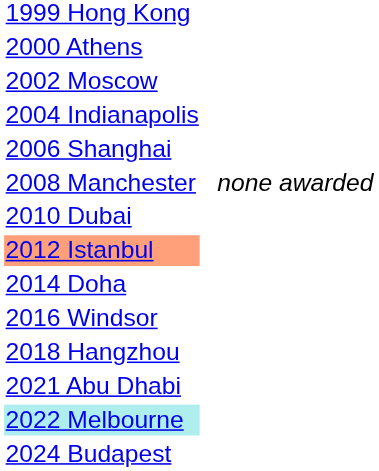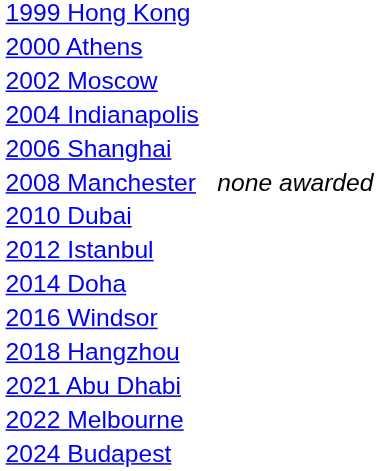 <table>
 <tr>
 <td><a href='#'>1999 Hong Kong</a></td>
 <td></td>
 <td></td>
 <td></td>
 </tr>
 <tr>
 <td><a href='#'>2000 Athens</a></td>
 <td></td>
 <td></td>
 <td></td>
 </tr>
 <tr>
 <td><a href='#'>2002 Moscow</a></td>
 <td></td>
 <td></td>
 <td></td>
 </tr>
 <tr>
 <td><a href='#'>2004 Indianapolis</a></td>
 <td></td>
 <td></td>
 <td></td>
 </tr>
 <tr>
 <td><a href='#'>2006 Shanghai</a></td>
 <td></td>
 <td></td>
 <td></td>
 </tr>
 <tr>
 <td rowspan=2><a href='#'>2008 Manchester</a></td>
 <td rowspan=2></td>
 <td></td>
 <td rowspan=2><em>none awarded</em></td>
 </tr>
 <tr>
 <td></td>
 </tr>
 <tr>
 <td><a href='#'>2010 Dubai</a></td>
 <td></td>
 <td></td>
 <td></td>
 </tr>
 <tr>
-<td style="background: lightsalmon;"><a href='#'>2012 Istanbul</a></td>
+<td><a href='#'>2012 Istanbul</a></td>
 <td></td>
 <td></td>
 <td></td>
 </tr>
 <tr>
 <td><a href='#'>2014 Doha</a></td>
 <td></td>
 <td></td>
 <td></td>
 </tr>
 <tr>
 <td><a href='#'>2016 Windsor</a></td>
 <td></td>
 <td></td>
 <td></td>
 </tr>
 <tr>
 <td><a href='#'>2018 Hangzhou</a></td>
 <td></td>
 <td></td>
 <td></td>
 </tr>
 <tr>
 <td><a href='#'>2021 Abu Dhabi</a></td>
 <td></td>
 <td></td>
 <td></td>
 </tr>
 <tr>
-<td style="background: paleturquoise;"><a href='#'>2022 Melbourne</a></td>
+<td><a href='#'>2022 Melbourne</a></td>
 <td></td>
 <td></td>
 <td></td>
 </tr>
 <tr>
 <td><a href='#'>2024 Budapest</a></td>
 <td></td>
 <td></td>
 <td></td>
 </tr>
 </table>
